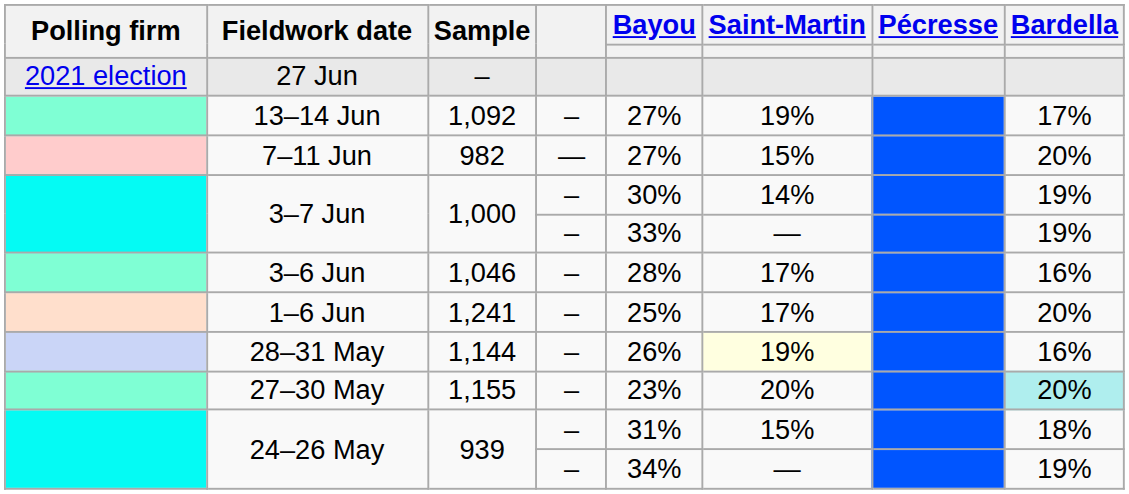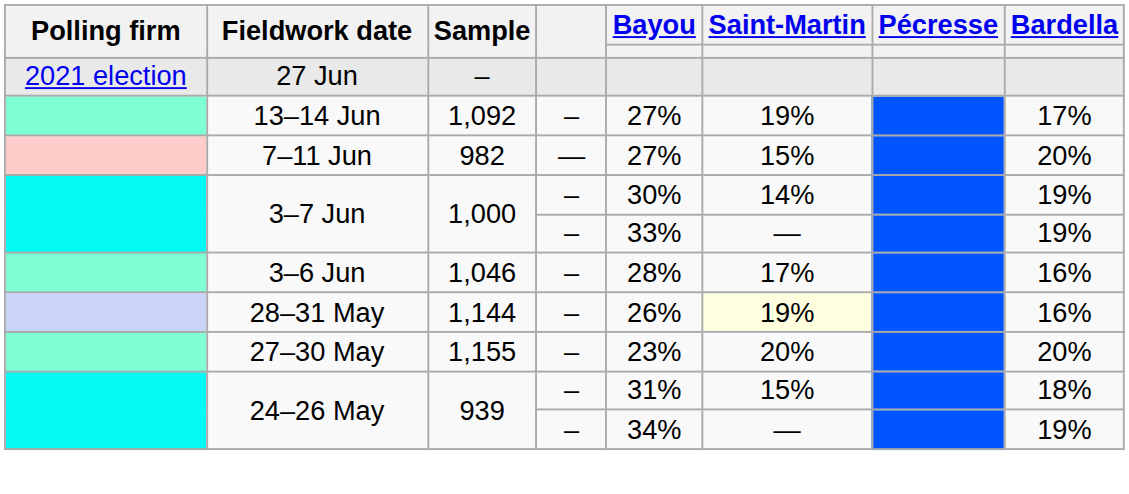 <table class="wikitable sortable" style="text-align:center;font-size:90%;line-height:14px;">
 <tr>
 <th rowspan="2" style="width:100px;">Polling firm</th>
 <th rowspan="2" style="width:110px;">Fieldwork date</th>
 <th rowspan="2" style="width:35px;">Sample</th>
 <th rowspan="2" style="width:30px;"></th>
 <th><a href='#'>Bayou</a><br></th>
 <th><a href='#'>Saint-Martin</a><br></th>
 <th><a href='#'>Pécresse</a><br></th>
 <th><a href='#'>Bardella</a><br></th>
 </tr>
 <tr>
 <th style="background:"></th>
 <th style="background:"></th>
 <th style="background:"></th>
 <th style="background:"></th>
 </tr>
 <tr style="background:#E9E9E9;">
 <td><a href='#'>2021 election</a></td>
 <td data-sort-value="2021-06-27">27 Jun</td>
 <td>–</td>
 <td></td>
 <td></td>
 <td></td>
 <td></td>
 <td></td>
 </tr>
 <tr>
 <td style="background:aquamarine;"></td>
 <td>13–14 Jun</td>
 <td>1,092</td>
 <td>–</td>
 <td>27%</td>
 <td>19%</td>
 <td style="background:#0055FF;"><strong></strong></td>
 <td>17%</td>
 </tr>
 <tr>
 <td style="background:#FFCCCC;"></td>
 <td>7–11 Jun</td>
 <td>982</td>
 <td>—</td>
 <td>27%</td>
 <td>15%</td>
 <td style="background:#0055FF;"><strong></strong></td>
 <td>20%</td>
 </tr>
 <tr>
 <td rowspan=2 style="background:#04FBF4;"></td>
 <td rowspan=2>3–7 Jun</td>
 <td rowspan=2>1,000</td>
 <td>–</td>
 <td>30%</td>
 <td>14%</td>
 <td style="background:#0055FF;"><strong></strong></td>
 <td>19%</td>
 </tr>
 <tr>
 <td>–</td>
 <td>33%</td>
 <td>—</td>
 <td style="background:#0055FF;"><strong></strong></td>
 <td>19%</td>
 </tr>
 <tr>
 <td style="background:aquamarine;"></td>
 <td>3–6 Jun</td>
 <td>1,046</td>
 <td>–</td>
 <td>28%</td>
 <td>17%</td>
 <td style="background:#0055FF;"><strong></strong></td>
 <td>16%</td>
 </tr>
 <tr>
-<td style="background:#FFDFCC;"></td>
-<td>1–6 Jun</td>
-<td>1,241</td>
-<td>–</td>
-<td>25%</td>
-<td>17%</td>
-<td style="background:#0055FF;"><strong></strong></td>
-<td>20%</td>
-</tr>
-<tr>
 <td style="background:#CAD5F7;"></td>
 <td>28–31 May</td>
 <td>1,144</td>
 <td>–</td>
 <td>26%</td>
 <td style="background: lightyellow;">19%</td>
 <td style="background:#0055FF;"><strong></strong></td>
 <td>16%</td>
 </tr>
 <tr>
 <td style="background:aquamarine;"></td>
 <td>27–30 May</td>
 <td>1,155</td>
 <td>–</td>
 <td>23%</td>
 <td>20%</td>
 <td style="background:#0055FF;"><strong></strong></td>
-<td style="background: paleturquoise;">20%</td>
+<td>20%</td>
 </tr>
 <tr>
 <td rowspan=2 style="background:#04FBF4;"></td>
 <td rowspan=2>24–26 May</td>
 <td rowspan=2>939</td>
 <td>–</td>
 <td>31%</td>
 <td>15%</td>
 <td style="background:#0055FF;"><strong></strong></td>
 <td>18%</td>
 </tr>
 <tr>
 <td>–</td>
 <td>34%</td>
 <td>—</td>
 <td style="background:#0055FF;"><strong></strong></td>
 <td>19%</td>
 </tr>
 </table>
